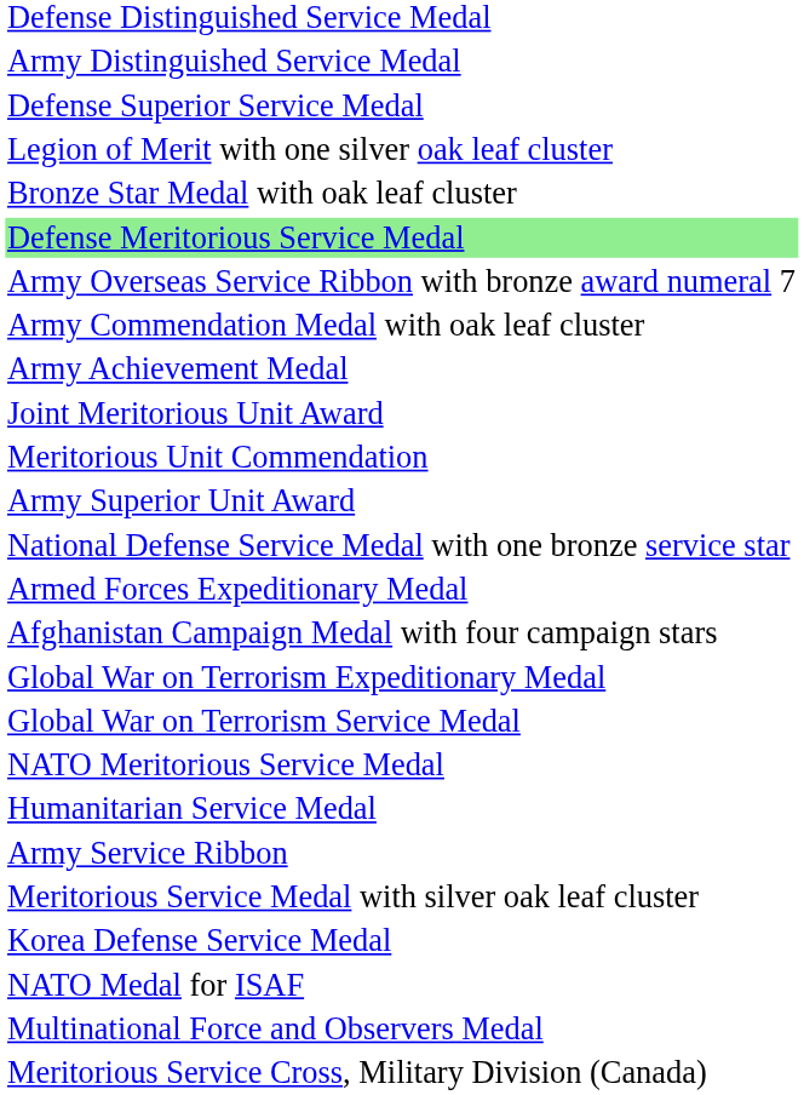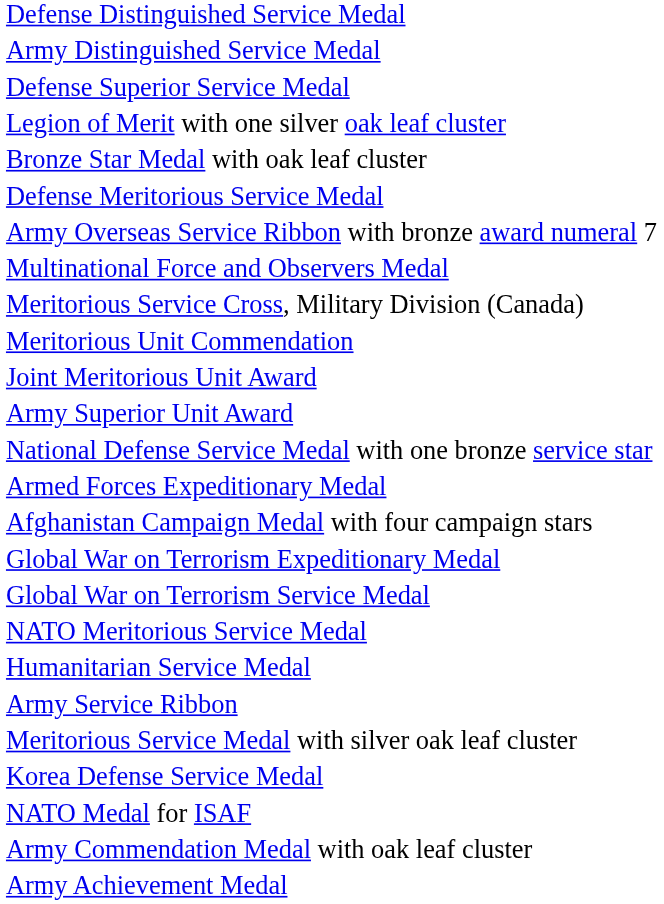 <table>
 <tr>
 <td> <a href='#'>Defense Distinguished Service Medal</a></td>
 </tr>
 <tr>
 <td> <a href='#'>Army Distinguished Service Medal</a></td>
 </tr>
 <tr>
 <td> <a href='#'>Defense Superior Service Medal</a></td>
 </tr>
 <tr>
 <td> <a href='#'>Legion of Merit</a> with one silver <a href='#'>oak leaf cluster</a></td>
 </tr>
 <tr>
 <td> <a href='#'>Bronze Star Medal</a> with oak leaf cluster</td>
 </tr>
 <tr>
-<td style="background: lightgreen;"> <a href='#'>Defense Meritorious Service Medal</a></td>
+<td> <a href='#'>Defense Meritorious Service Medal</a></td>
 </tr>
 <tr>
 <td><span></span> <a href='#'>Army Overseas Service Ribbon</a> with bronze <a href='#'>award numeral</a> 7</td>
 </tr>
 <tr>
-<td> <a href='#'>Army Commendation Medal</a> with oak leaf cluster</td>
+<td> <a href='#'>Multinational Force and Observers Medal</a></td>
 </tr>
 <tr>
-<td> <a href='#'>Army Achievement Medal</a></td>
+<td> <a href='#'>Meritorious Service Cross</a>, Military Division (Canada)</td>
+</tr>
+<tr>
+<td> <a href='#'>Meritorious Unit Commendation</a></td>
 </tr>
 <tr>
 <td> <a href='#'>Joint Meritorious Unit Award</a></td>
-</tr>
-<tr>
-<td> <a href='#'>Meritorious Unit Commendation</a></td>
 </tr>
 <tr>
 <td> <a href='#'>Army Superior Unit Award</a></td>
 </tr>
 <tr>
 <td> <a href='#'>National Defense Service Medal</a> with one bronze <a href='#'>service star</a></td>
 </tr>
 <tr>
 <td> <a href='#'>Armed Forces Expeditionary Medal</a></td>
 </tr>
 <tr>
 <td><span></span><span></span><span></span><span></span> <a href='#'>Afghanistan Campaign Medal</a> with four campaign stars</td>
 </tr>
 <tr>
 <td> <a href='#'>Global War on Terrorism Expeditionary Medal</a></td>
 </tr>
 <tr>
 <td> <a href='#'>Global War on Terrorism Service Medal</a></td>
 </tr>
 <tr>
 <td> <a href='#'>NATO Meritorious Service Medal</a></td>
 </tr>
 <tr>
 <td> <a href='#'>Humanitarian Service Medal</a></td>
 </tr>
 <tr>
 <td> <a href='#'>Army Service Ribbon</a></td>
 </tr>
 <tr>
 <td> <a href='#'>Meritorious Service Medal</a> with silver oak leaf cluster</td>
 </tr>
 <tr>
 <td> <a href='#'>Korea Defense Service Medal</a></td>
 </tr>
 <tr>
 <td> <a href='#'>NATO Medal</a> for <a href='#'>ISAF</a></td>
 </tr>
 <tr>
-<td> <a href='#'>Multinational Force and Observers Medal</a></td>
+<td> <a href='#'>Army Commendation Medal</a> with oak leaf cluster</td>
 </tr>
 <tr>
-<td> <a href='#'>Meritorious Service Cross</a>, Military Division (Canada)</td>
+<td> <a href='#'>Army Achievement Medal</a></td>
 </tr>
 </table>
